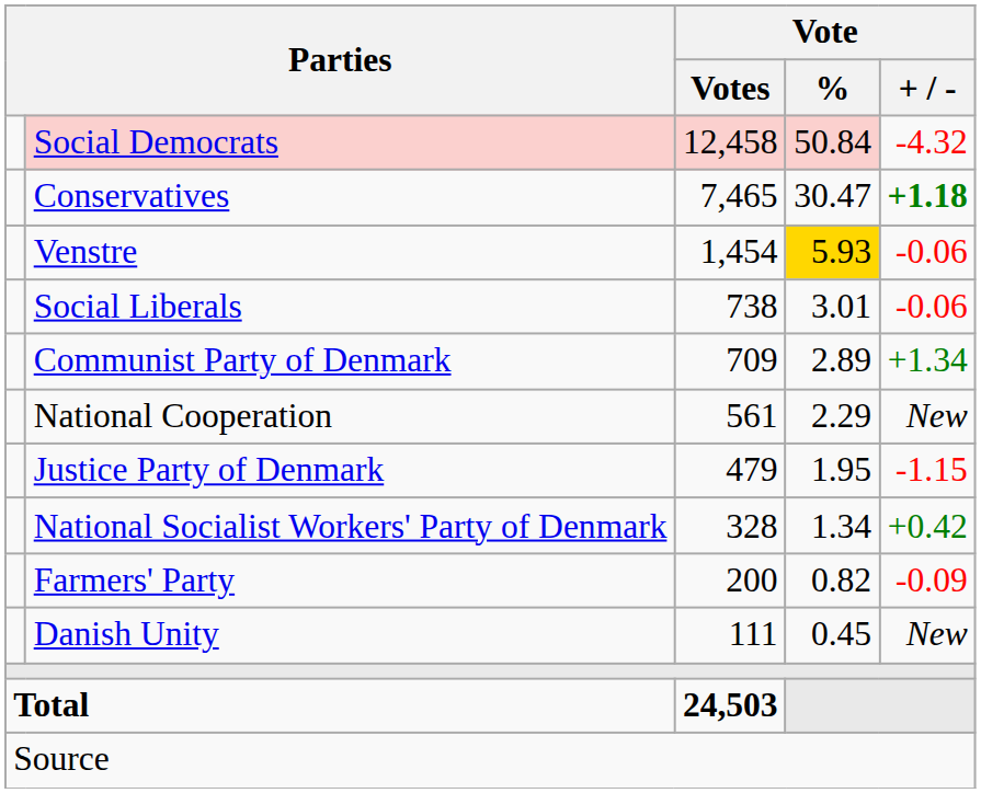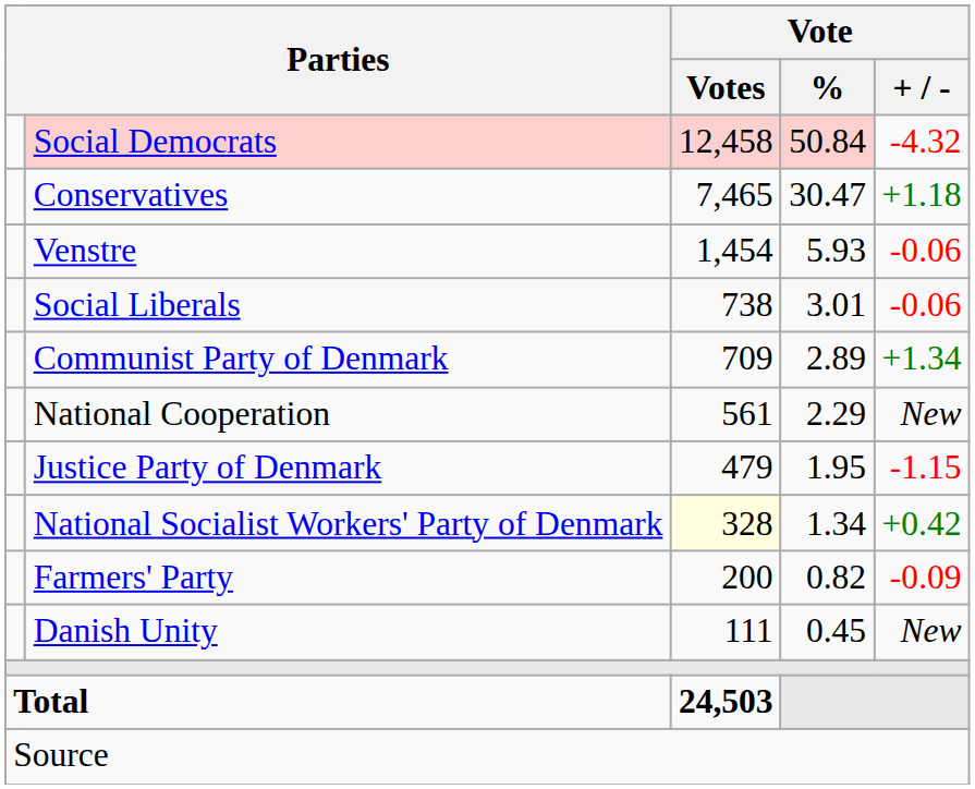 <table class="wikitable" style="text-align:right;">
 <tr>
 <th style="text-align:centre;" rowspan="2" colspan="2" width="225">Parties</th>
 <th colspan="3">Vote</th>
 </tr>
 <tr>
 <th width="15">Votes</th>
 <th width="15">%</th>
 <th width="15">+ / -</th>
 </tr>
 <tr>
 <td width="2" style="color:inherit;background:"></td>
 <td bgcolor=#fbd0ce  align="left"><a href='#'>Social Democrats</a></td>
 <td bgcolor=#fbd0ce>12,458</td>
 <td bgcolor=#fbd0ce>50.84</td>
 <td style=color:red;>-4.32</td>
 </tr>
 <tr>
 <td width="2" style="color:inherit;background:"></td>
 <td align="left"><a href='#'>Conservatives</a></td>
 <td>7,465</td>
 <td>30.47</td>
-<td style=color:green;><strong>+1.18</strong></td>
+<td style=color:green;>+1.18</td>
 </tr>
 <tr>
 <td width="2" style="color:inherit;background:"></td>
 <td align="left"><a href='#'>Venstre</a></td>
 <td>1,454</td>
-<td style="background: gold;">5.93</td>
+<td>5.93</td>
 <td style=color:red;>-0.06</td>
 </tr>
 <tr>
 <td width="2" style="color:inherit;background:"></td>
 <td align="left"><a href='#'>Social Liberals</a></td>
 <td>738</td>
 <td>3.01</td>
 <td style=color:red;>-0.06</td>
 </tr>
 <tr>
 <td width="2" style="color:inherit;background:"></td>
 <td align="left"><a href='#'>Communist Party of Denmark</a></td>
 <td>709</td>
 <td>2.89</td>
 <td style=color:green;>+1.34</td>
 </tr>
 <tr>
 <td width="2" style="color:inherit;background:"></td>
 <td align="left">National Cooperation</td>
 <td>561</td>
 <td>2.29</td>
 <td><em>New</em></td>
 </tr>
 <tr>
 <td width="2" style="color:inherit;background:"></td>
 <td align="left"><a href='#'>Justice Party of Denmark</a></td>
 <td>479</td>
 <td>1.95</td>
 <td style=color:red;>-1.15</td>
 </tr>
 <tr>
 <td width="2" style="color:inherit;background:"></td>
 <td align="left"><a href='#'>National Socialist Workers' Party of Denmark</a></td>
-<td>328</td>
+<td style="background: lightyellow;">328</td>
 <td>1.34</td>
 <td style=color:green;>+0.42</td>
 </tr>
 <tr>
 <td width="2" style="color:inherit;background:"></td>
 <td align="left"><a href='#'>Farmers' Party</a></td>
 <td>200</td>
 <td>0.82</td>
 <td style=color:red;>-0.09</td>
 </tr>
 <tr>
 <td width="2" style="color:inherit;background:"></td>
 <td align="left"><a href='#'>Danish Unity</a></td>
 <td>111</td>
 <td>0.45</td>
 <td><em>New</em></td>
 </tr>
 <tr>
 <td colspan="7" bgcolor="#E9E9E9"></td>
 </tr>
 <tr>
 <td align="left" colspan="2"><strong>Total</strong></td>
 <td><strong>24,503</strong></td>
 <td bgcolor="#E9E9E9" colspan="2"></td>
 </tr>
 <tr>
 <td align="left" colspan="6">Source</td>
 </tr>
 </table>
